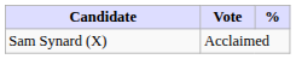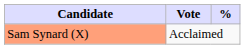 <table class="wikitable">
 <tr>
 <th style="background:#ddf; width:200px;">Candidate</th>
 <th style="background:#ddf; width:50px;">Vote</th>
 <th style="background:#ddf; width:30px;">%</th>
 </tr>
 <tr>
-<td>Sam Synard (X)</td>
+<td style="background: lightsalmon;">Sam Synard (X)</td>
 <td colspan="2">Acclaimed</td>
 </tr>
 </table>
